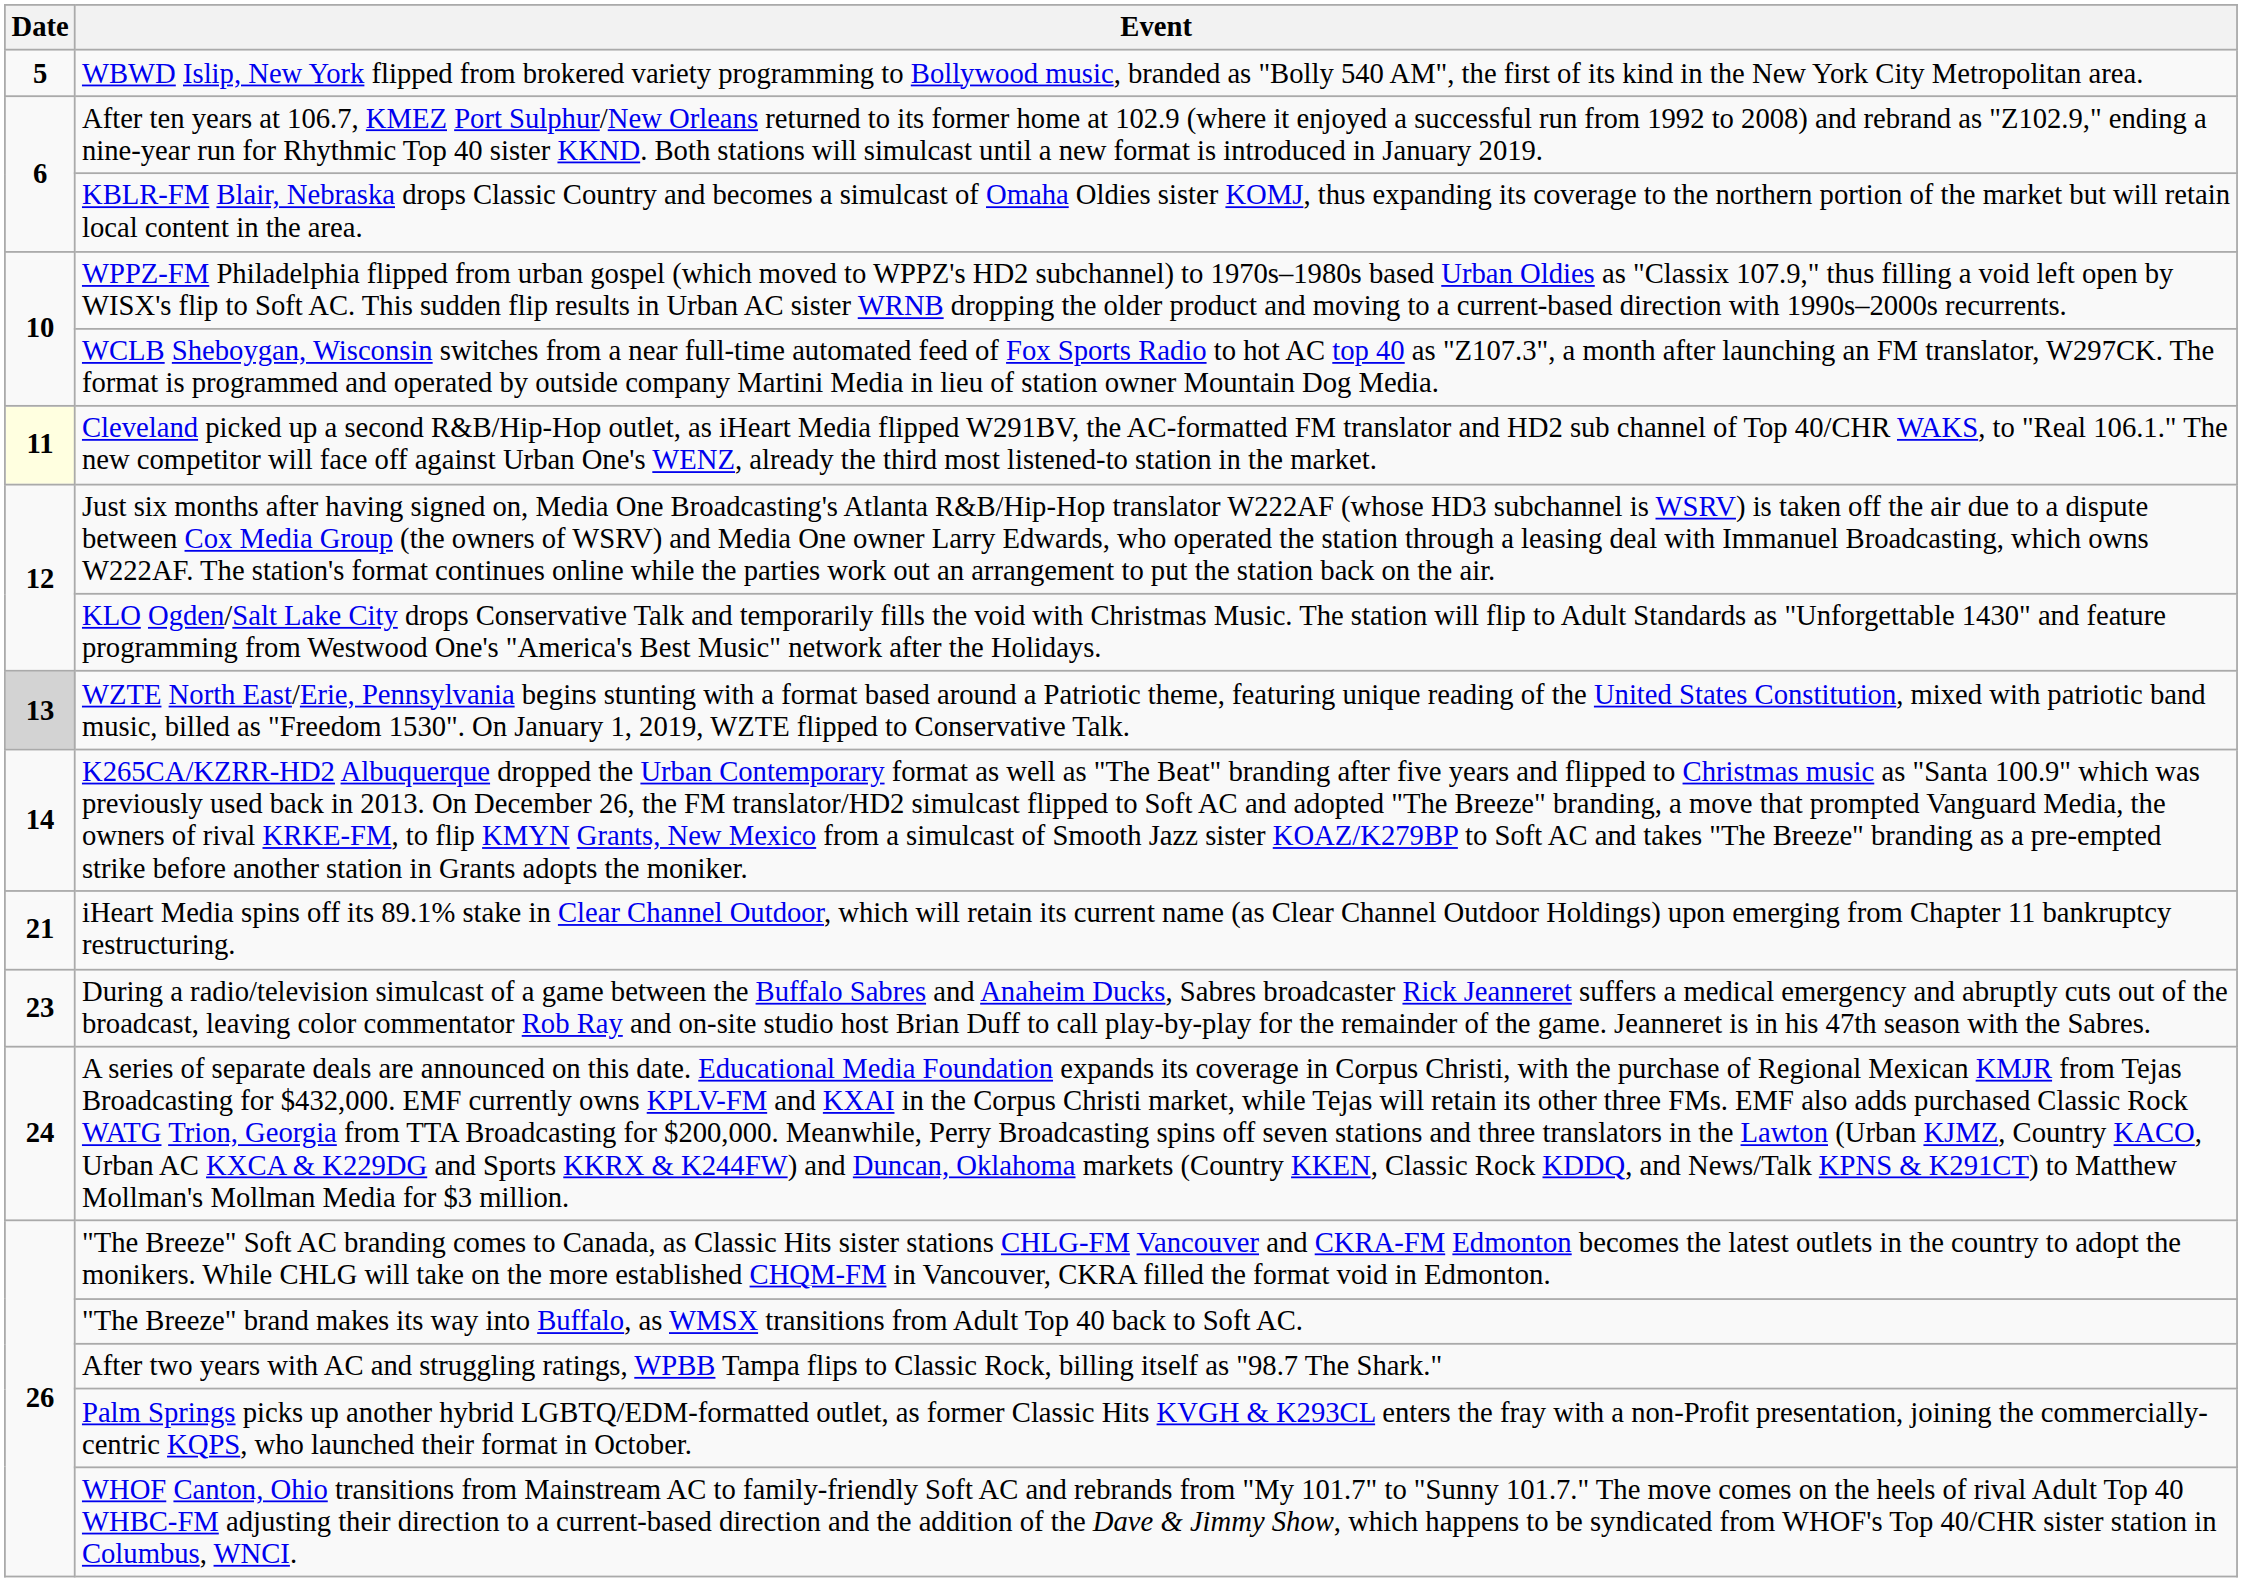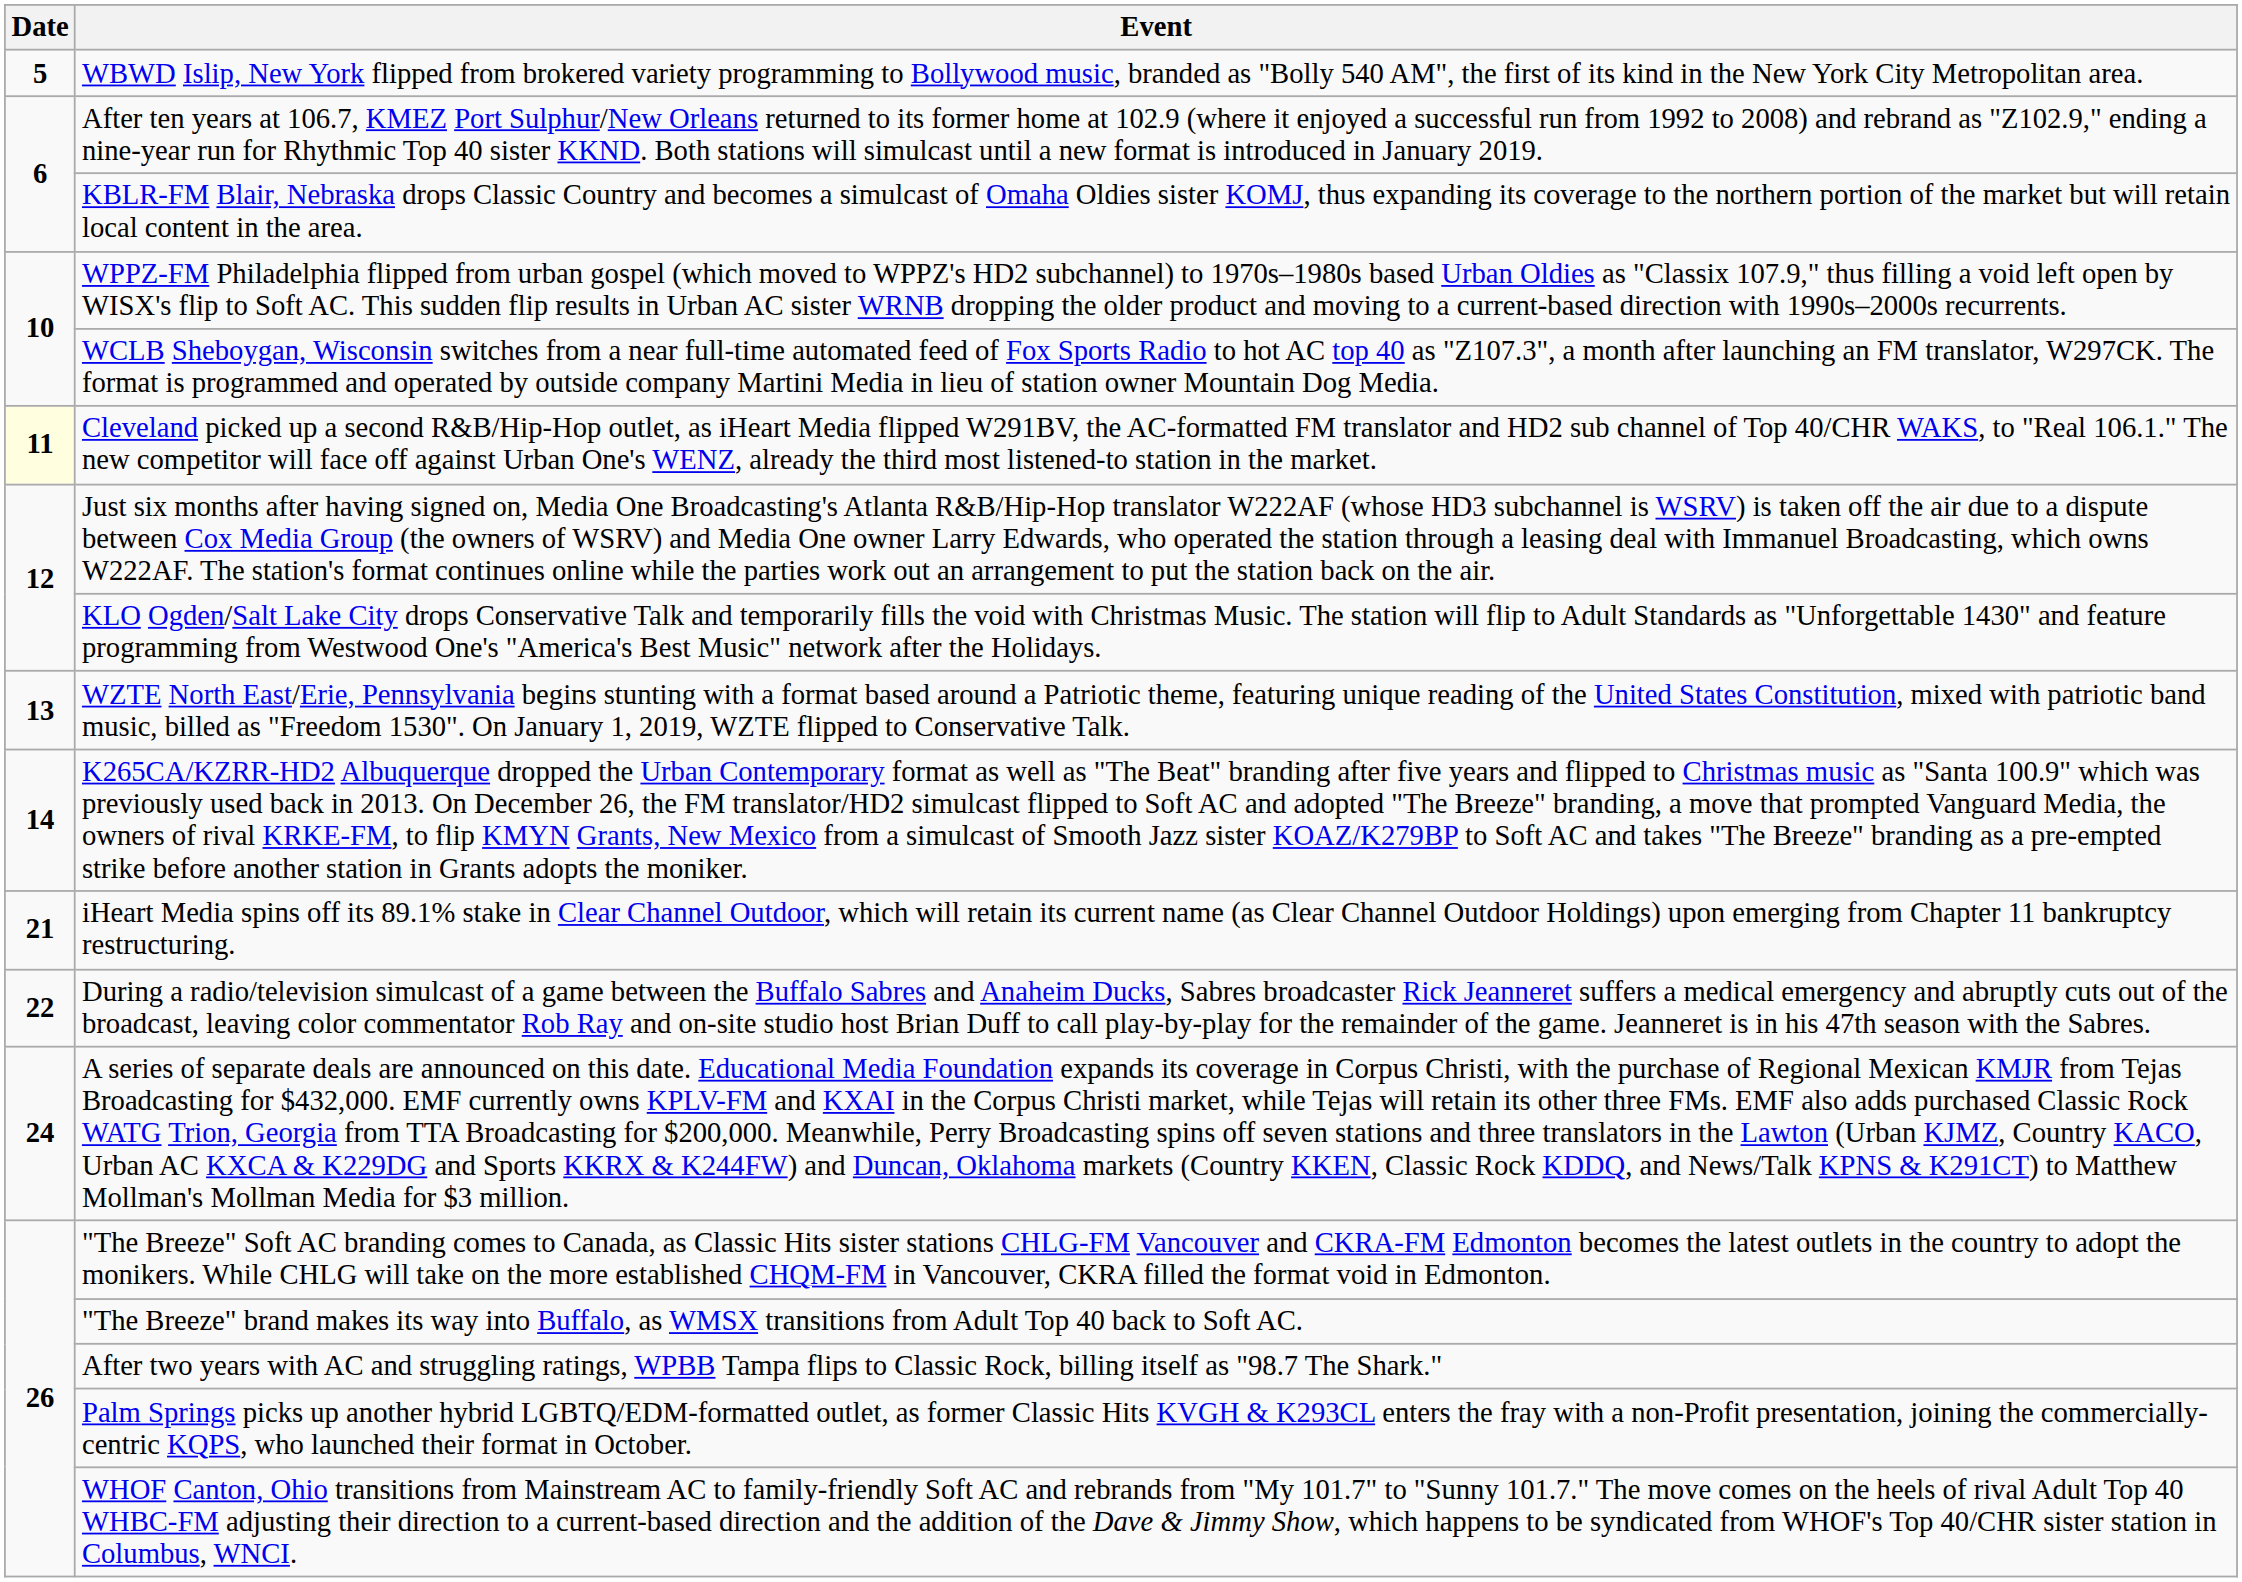 <table class="wikitable">
 <tr>
 <th>Date</th>
 <th>Event</th>
 </tr>
 <tr>
 <td style="text-align:center;"><strong>5</strong></td>
 <td><a href='#'>WBWD</a> <a href='#'>Islip, New York</a> flipped from brokered variety programming to <a href='#'>Bollywood music</a>, branded as "Bolly 540 AM", the first of its kind in the New York City Metropolitan area.</td>
 </tr>
 <tr>
 <td style="text-align:center;" rowspan=2><strong>6</strong></td>
 <td>After ten years at 106.7, <a href='#'>KMEZ</a> <a href='#'>Port Sulphur</a>/<a href='#'>New Orleans</a> returned to its former home at 102.9 (where it enjoyed a successful run from 1992 to 2008) and rebrand as "Z102.9," ending a nine-year run for Rhythmic Top 40 sister <a href='#'>KKND</a>. Both stations will simulcast until a new format is introduced in January 2019.</td>
 </tr>
 <tr>
 <td><a href='#'>KBLR-FM</a> <a href='#'>Blair, Nebraska</a> drops Classic Country and becomes a simulcast of <a href='#'>Omaha</a> Oldies sister <a href='#'>KOMJ</a>, thus expanding its coverage to the northern portion of the market but will retain local content in the area.</td>
 </tr>
 <tr>
 <td style="text-align:center;" rowspan=2><strong>10</strong></td>
 <td><a href='#'>WPPZ-FM</a> Philadelphia flipped from urban gospel (which moved to WPPZ's HD2 subchannel) to 1970s–1980s based <a href='#'>Urban Oldies</a> as "Classix 107.9," thus filling a void left open by WISX's flip to Soft AC. This sudden flip results in Urban AC sister <a href='#'>WRNB</a> dropping the older product and moving to a current-based direction with 1990s–2000s recurrents.</td>
 </tr>
 <tr>
 <td><a href='#'>WCLB</a> <a href='#'>Sheboygan, Wisconsin</a> switches from a near full-time automated feed of <a href='#'>Fox Sports Radio</a> to hot AC <a href='#'>top 40</a> as "Z107.3", a month after launching an FM translator, W297CK. The format is programmed and operated by outside company Martini Media in lieu of station owner Mountain Dog Media.</td>
 </tr>
 <tr>
 <td style="background: lightyellow; text-align:center;"><strong>11</strong></td>
 <td><a href='#'>Cleveland</a> picked up a second R&B/Hip-Hop outlet, as iHeart Media flipped W291BV, the AC-formatted FM translator and HD2 sub channel of Top 40/CHR <a href='#'>WAKS</a>, to "Real 106.1." The new competitor will face off against Urban One's <a href='#'>WENZ</a>, already the third most listened-to station in the market.</td>
 </tr>
 <tr>
 <td style="text-align:center;" rowspan=2><strong>12</strong></td>
 <td>Just six months after having signed on, Media One Broadcasting's Atlanta R&B/Hip-Hop translator W222AF (whose HD3 subchannel is <a href='#'>WSRV</a>) is taken off the air due to a dispute between <a href='#'>Cox Media Group</a> (the owners of WSRV) and Media One owner Larry Edwards, who operated the station through a leasing deal with Immanuel Broadcasting, which owns W222AF. The station's format continues online while the parties work out an arrangement to put the station back on the air.</td>
 </tr>
 <tr>
 <td><a href='#'>KLO</a> <a href='#'>Ogden</a>/<a href='#'>Salt Lake City</a> drops Conservative Talk and temporarily fills the void with Christmas Music. The station will flip to Adult Standards as "Unforgettable 1430" and feature programming from Westwood One's "America's Best Music" network after the Holidays.</td>
 </tr>
 <tr>
-<td style="background: lightgrey; text-align:center;"><strong>13</strong></td>
+<td style="text-align:center;"><strong>13</strong></td>
 <td><a href='#'>WZTE</a> <a href='#'>North East</a>/<a href='#'>Erie, Pennsylvania</a> begins stunting with a format based around a Patriotic theme, featuring unique reading of the <a href='#'>United States Constitution</a>, mixed with patriotic band music, billed as "Freedom 1530". On January 1, 2019, WZTE flipped to Conservative Talk.</td>
 </tr>
 <tr>
 <td style="text-align:center;"><strong>14</strong></td>
 <td><a href='#'>K265CA/KZRR-HD2</a> <a href='#'>Albuquerque</a> dropped the <a href='#'>Urban Contemporary</a> format as well as "The Beat" branding after five years and flipped to <a href='#'>Christmas music</a> as "Santa 100.9" which was previously used back in 2013. On December 26, the FM translator/HD2 simulcast flipped to Soft AC and adopted "The Breeze" branding, a move that prompted Vanguard Media, the owners of rival <a href='#'>KRKE-FM</a>, to flip <a href='#'>KMYN</a> <a href='#'>Grants, New Mexico</a> from a simulcast of Smooth Jazz sister <a href='#'>KOAZ/K279BP</a> to Soft AC and takes "The Breeze" branding as a pre-empted strike before another station in Grants adopts the moniker.</td>
 </tr>
 <tr>
 <td style="text-align:center;"><strong>21</strong></td>
 <td>iHeart Media spins off its 89.1% stake in <a href='#'>Clear Channel Outdoor</a>, which will retain its current name (as Clear Channel Outdoor Holdings) upon emerging from Chapter 11 bankruptcy restructuring.</td>
 </tr>
 <tr>
-<td style="text-align:center;"><strong>23</strong></td>
+<td style="text-align:center;"><strong>22</strong></td>
 <td>During a radio/television simulcast of a game between the <a href='#'>Buffalo Sabres</a> and <a href='#'>Anaheim Ducks</a>, Sabres broadcaster <a href='#'>Rick Jeanneret</a> suffers a medical emergency and abruptly cuts out of the broadcast, leaving color commentator <a href='#'>Rob Ray</a> and on-site studio host Brian Duff to call play-by-play for the remainder of the game. Jeanneret is in his 47th season with the Sabres.</td>
 </tr>
 <tr>
 <td style="text-align:center;"><strong>24</strong></td>
 <td>A series of separate deals are announced on this date. <a href='#'>Educational Media Foundation</a> expands its coverage in Corpus Christi, with the purchase of Regional Mexican <a href='#'>KMJR</a> from Tejas Broadcasting for $432,000. EMF currently owns <a href='#'>KPLV-FM</a> and <a href='#'>KXAI</a> in the Corpus Christi market, while Tejas will retain its other three FMs. EMF also adds purchased Classic Rock <a href='#'>WATG</a> <a href='#'>Trion, Georgia</a> from TTA Broadcasting for $200,000. Meanwhile, Perry Broadcasting spins off seven stations and three translators in the <a href='#'>Lawton</a> (Urban <a href='#'>KJMZ</a>, Country <a href='#'>KACO</a>, Urban AC <a href='#'>KXCA & K229DG</a> and Sports <a href='#'>KKRX & K244FW</a>) and <a href='#'>Duncan, Oklahoma</a> markets (Country <a href='#'>KKEN</a>, Classic Rock <a href='#'>KDDQ</a>, and News/Talk <a href='#'>KPNS & K291CT</a>) to Matthew Mollman's Mollman Media for $3 million.</td>
 </tr>
 <tr>
 <td style="text-align:center;" rowspan=5><strong>26</strong></td>
 <td>"The Breeze" Soft AC branding comes to Canada, as Classic Hits sister stations <a href='#'>CHLG-FM</a> <a href='#'>Vancouver</a> and <a href='#'>CKRA-FM</a> <a href='#'>Edmonton</a> becomes the latest outlets in the country to adopt the monikers. While CHLG will take on the more established <a href='#'>CHQM-FM</a> in Vancouver, CKRA filled the format void in Edmonton.</td>
 </tr>
 <tr>
 <td>"The Breeze" brand makes its way into <a href='#'>Buffalo</a>, as <a href='#'>WMSX</a> transitions from Adult Top 40 back to Soft AC.</td>
 </tr>
 <tr>
 <td>After two years with AC and struggling ratings, <a href='#'>WPBB</a> Tampa flips to Classic Rock, billing itself as "98.7 The Shark."</td>
 </tr>
 <tr>
 <td><a href='#'>Palm Springs</a> picks up another hybrid LGBTQ/EDM-formatted outlet, as former Classic Hits <a href='#'>KVGH & K293CL</a> enters the fray with a non-Profit presentation, joining the commercially-centric <a href='#'>KQPS</a>, who launched their format in October.</td>
 </tr>
 <tr>
 <td><a href='#'>WHOF</a> <a href='#'>Canton, Ohio</a> transitions from Mainstream AC to family-friendly Soft AC and rebrands from "My 101.7" to "Sunny 101.7." The move comes on the heels of rival Adult Top 40 <a href='#'>WHBC-FM</a> adjusting their direction to a current-based direction and the addition of the <em>Dave & Jimmy Show</em>, which happens to be syndicated from WHOF's Top 40/CHR sister station in <a href='#'>Columbus</a>, <a href='#'>WNCI</a>.</td>
 </tr>
 </table>
